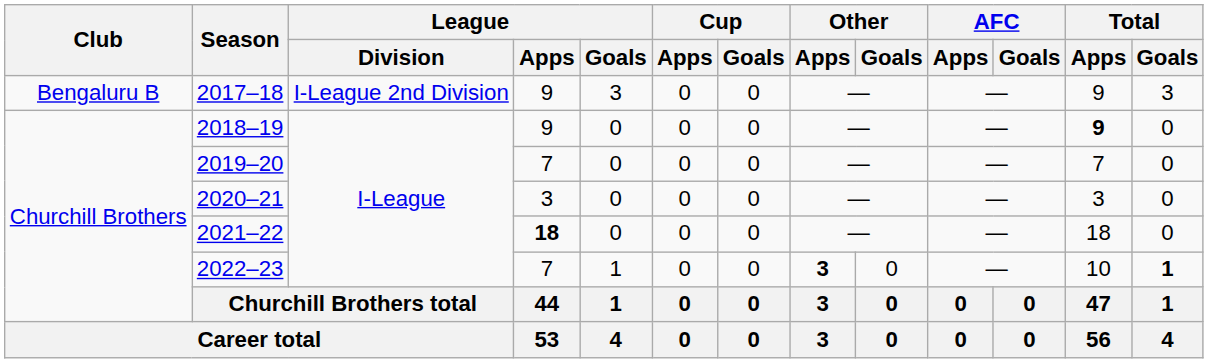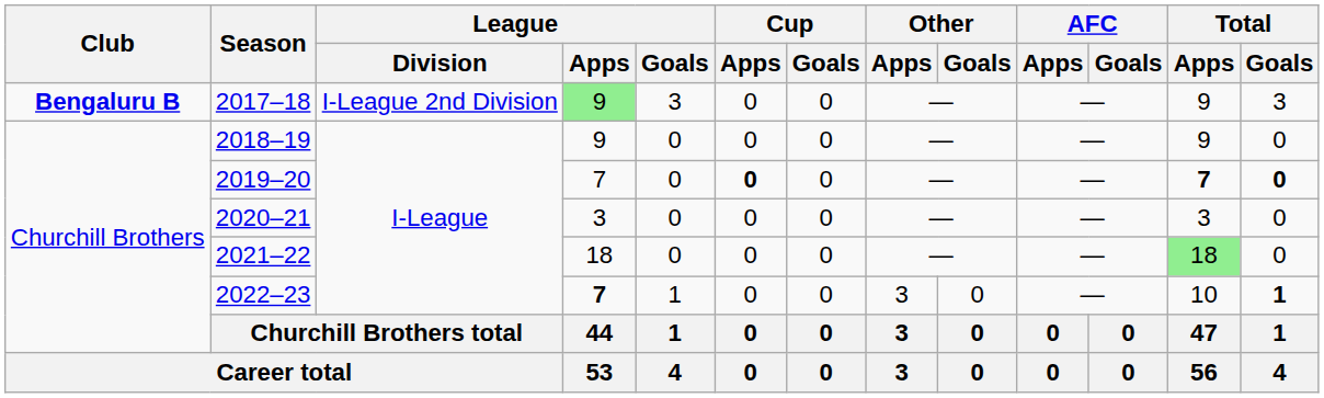 <table class="wikitable" style="text-align: center;">
 <tr>
 <th rowspan="2">Club</th>
 <th rowspan="2">Season</th>
 <th colspan="3">League</th>
 <th colspan="2">Cup</th>
 <th colspan="2">Other</th>
 <th colspan="2"><a href='#'>AFC</a></th>
 <th colspan="2">Total</th>
 </tr>
 <tr>
 <th>Division</th>
 <th>Apps</th>
 <th>Goals</th>
 <th>Apps</th>
 <th>Goals</th>
 <th>Apps</th>
 <th>Goals</th>
 <th>Apps</th>
 <th>Goals</th>
 <th>Apps</th>
 <th>Goals</th>
 </tr>
 <tr>
-<td rowspan="1"><a href='#'>Bengaluru B</a></td>
+<td rowspan="1"><strong><a href='#'>Bengaluru B</a></strong></td>
 <td><a href='#'>2017–18</a></td>
 <td rowspan="1"><a href='#'>I-League 2nd Division</a></td>
-<td>9</td>
+<td style="background: lightgreen;">9</td>
 <td>3</td>
 <td>0</td>
 <td>0</td>
 <td colspan="2">—</td>
 <td colspan="2">—</td>
 <td>9</td>
 <td>3</td>
 </tr>
 <tr>
 <td rowspan="6"><a href='#'>Churchill Brothers</a></td>
 <td><a href='#'>2018–19</a></td>
 <td rowspan="5"><a href='#'>I-League</a></td>
 <td>9</td>
 <td>0</td>
 <td>0</td>
 <td>0</td>
 <td colspan="2">—</td>
 <td colspan="2">—</td>
-<td><strong>9</strong></td>
+<td>9</td>
 <td>0</td>
 </tr>
 <tr>
 <td><a href='#'>2019–20</a></td>
 <td>7</td>
 <td>0</td>
-<td>0</td>
+<td><strong>0</strong></td>
 <td>0</td>
 <td colspan="2">—</td>
 <td colspan="2">—</td>
-<td>7</td>
-<td>0</td>
+<td><strong>7</strong></td>
+<td><strong>0</strong></td>
 </tr>
 <tr>
 <td><a href='#'>2020–21</a></td>
 <td>3</td>
 <td>0</td>
 <td>0</td>
 <td>0</td>
 <td colspan="2">—</td>
 <td colspan="2">—</td>
 <td>3</td>
 <td>0</td>
 </tr>
 <tr>
 <td><a href='#'>2021–22</a></td>
-<td><strong>18</strong></td>
+<td>18</td>
 <td>0</td>
 <td>0</td>
 <td>0</td>
 <td colspan="2">—</td>
 <td colspan="2">—</td>
-<td>18</td>
+<td style="background: lightgreen;">18</td>
 <td>0</td>
 </tr>
 <tr>
 <td><a href='#'>2022–23</a></td>
-<td>7</td>
+<td><strong>7</strong></td>
 <td>1</td>
 <td>0</td>
 <td>0</td>
-<td><strong>3</strong></td>
+<td>3</td>
 <td>0</td>
 <td colspan="2">—</td>
 <td>10</td>
 <td><strong>1</strong></td>
 </tr>
 <tr>
 <th colspan="2">Churchill Brothers total</th>
 <th>44</th>
 <th>1</th>
 <th>0</th>
 <th>0</th>
 <th>3</th>
 <th>0</th>
 <th>0</th>
 <th>0</th>
 <th>47</th>
 <th>1</th>
 </tr>
 <tr>
 <th colspan="3">Career total</th>
 <th>53</th>
 <th>4</th>
 <th>0</th>
 <th>0</th>
 <th>3</th>
 <th>0</th>
 <th>0</th>
 <th>0</th>
 <th>56</th>
 <th>4</th>
 </tr>
 </table>
